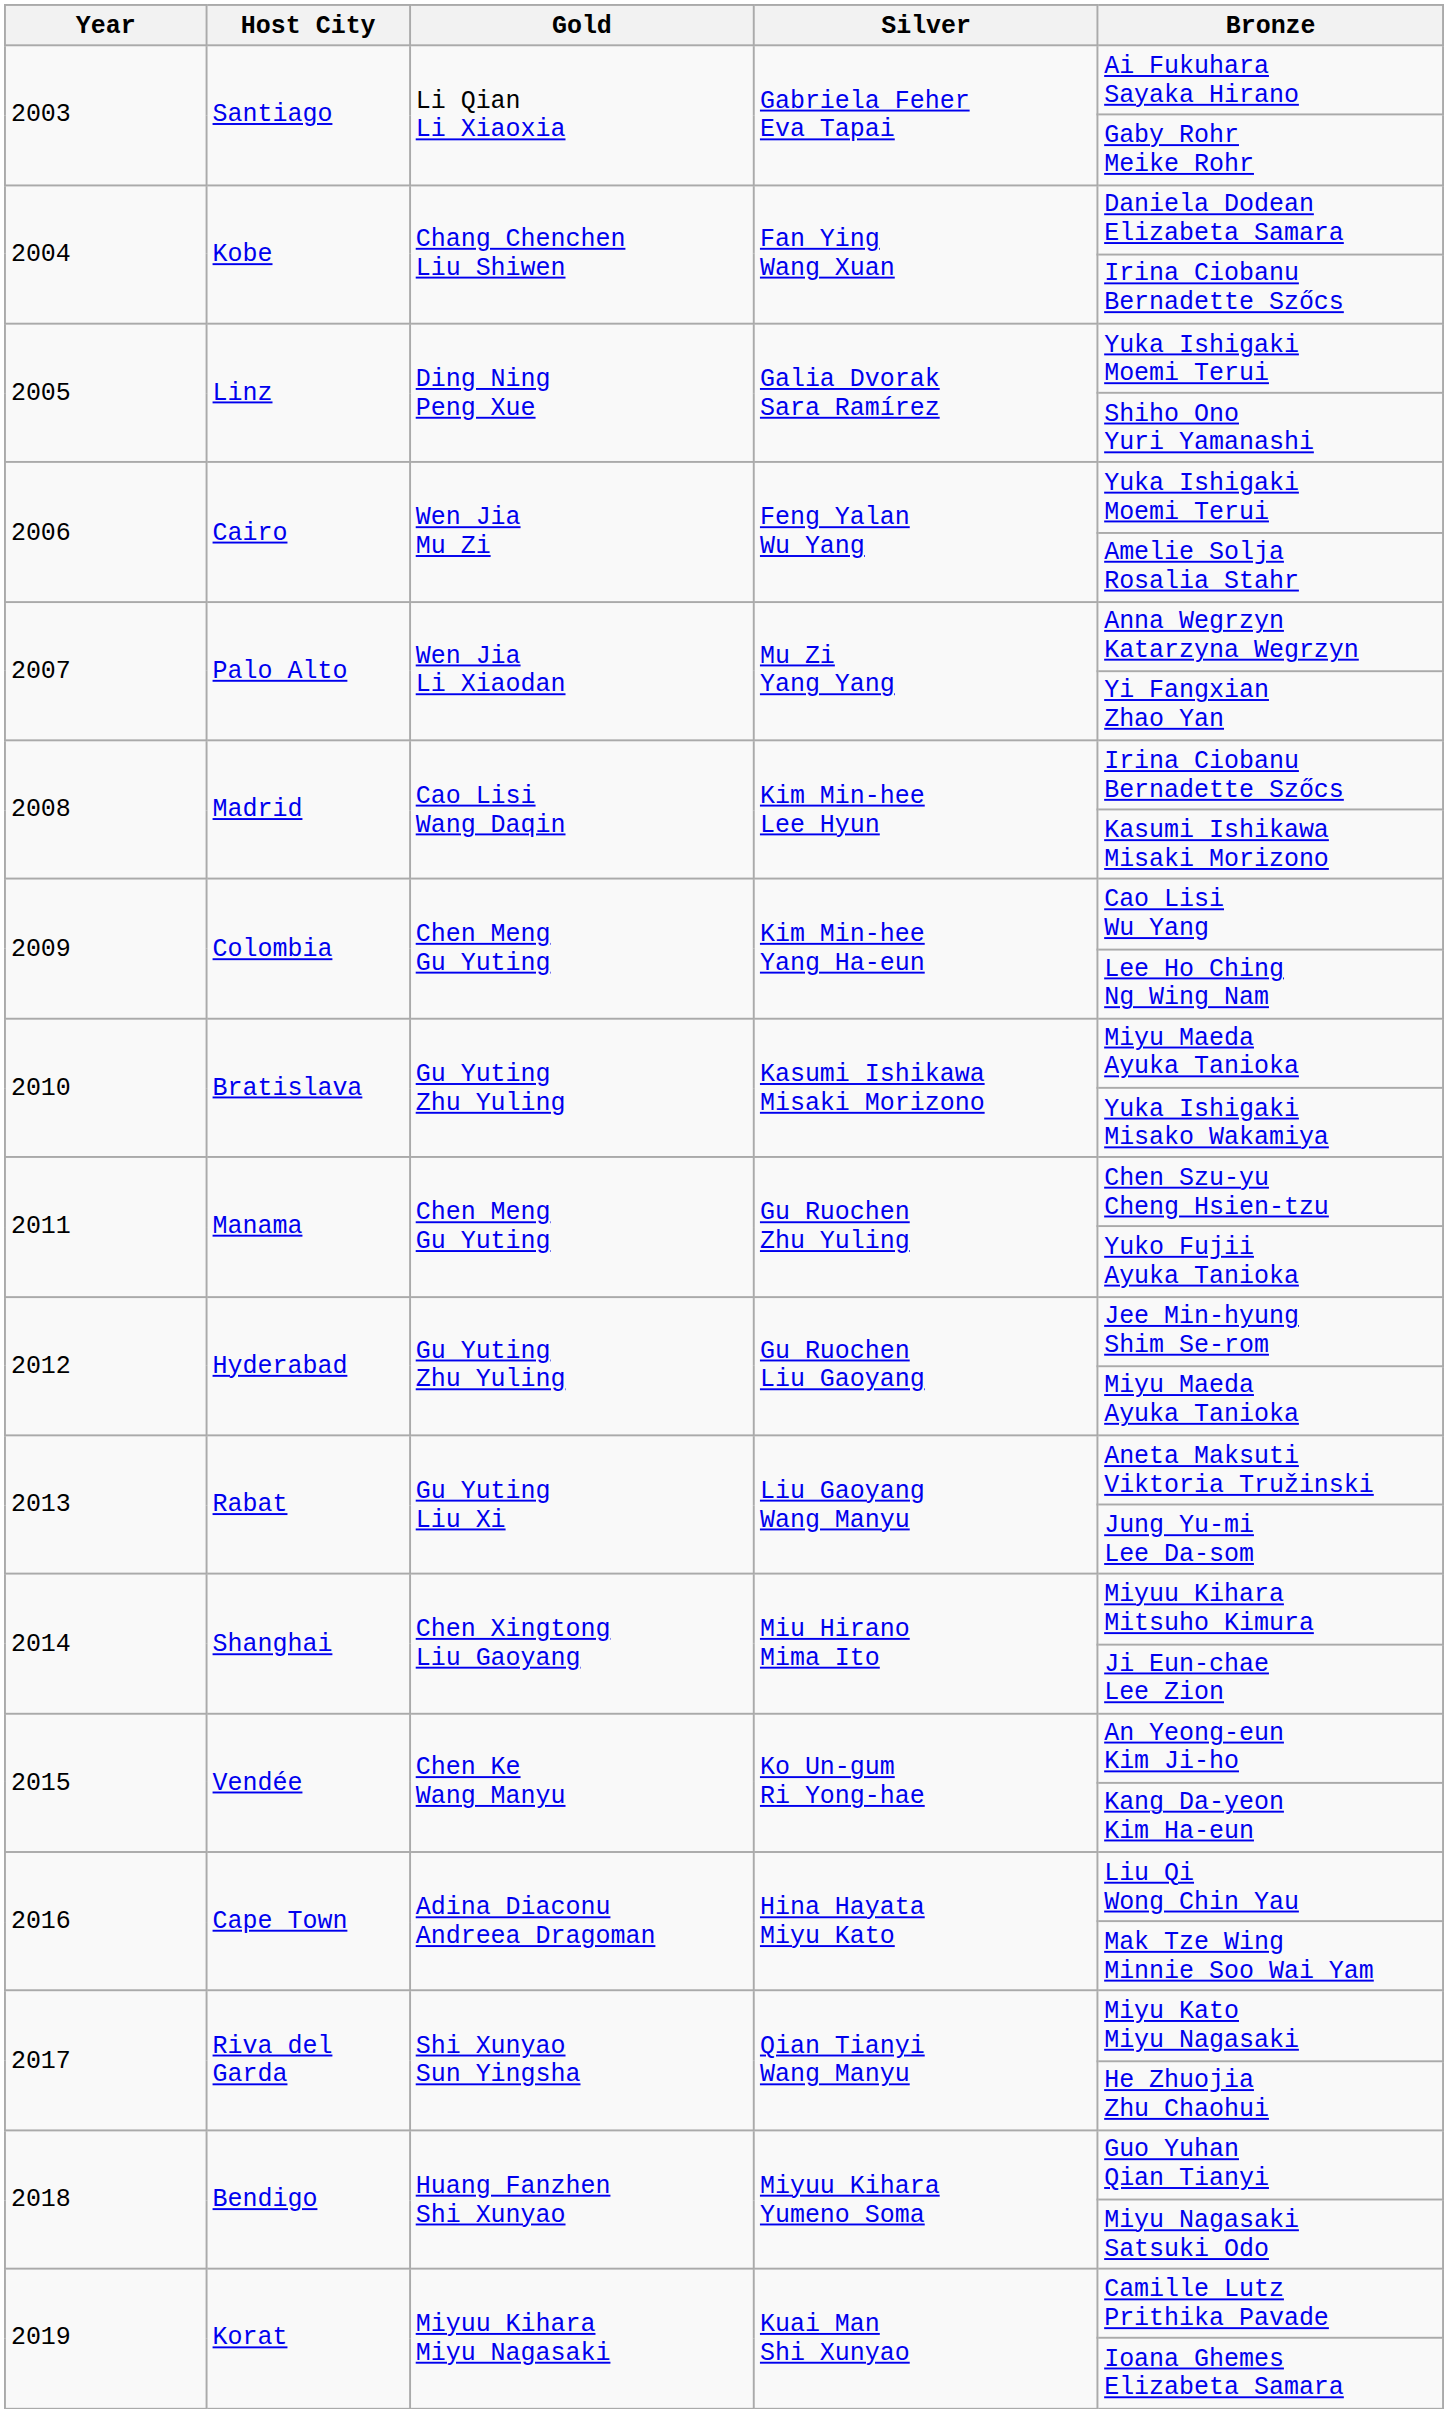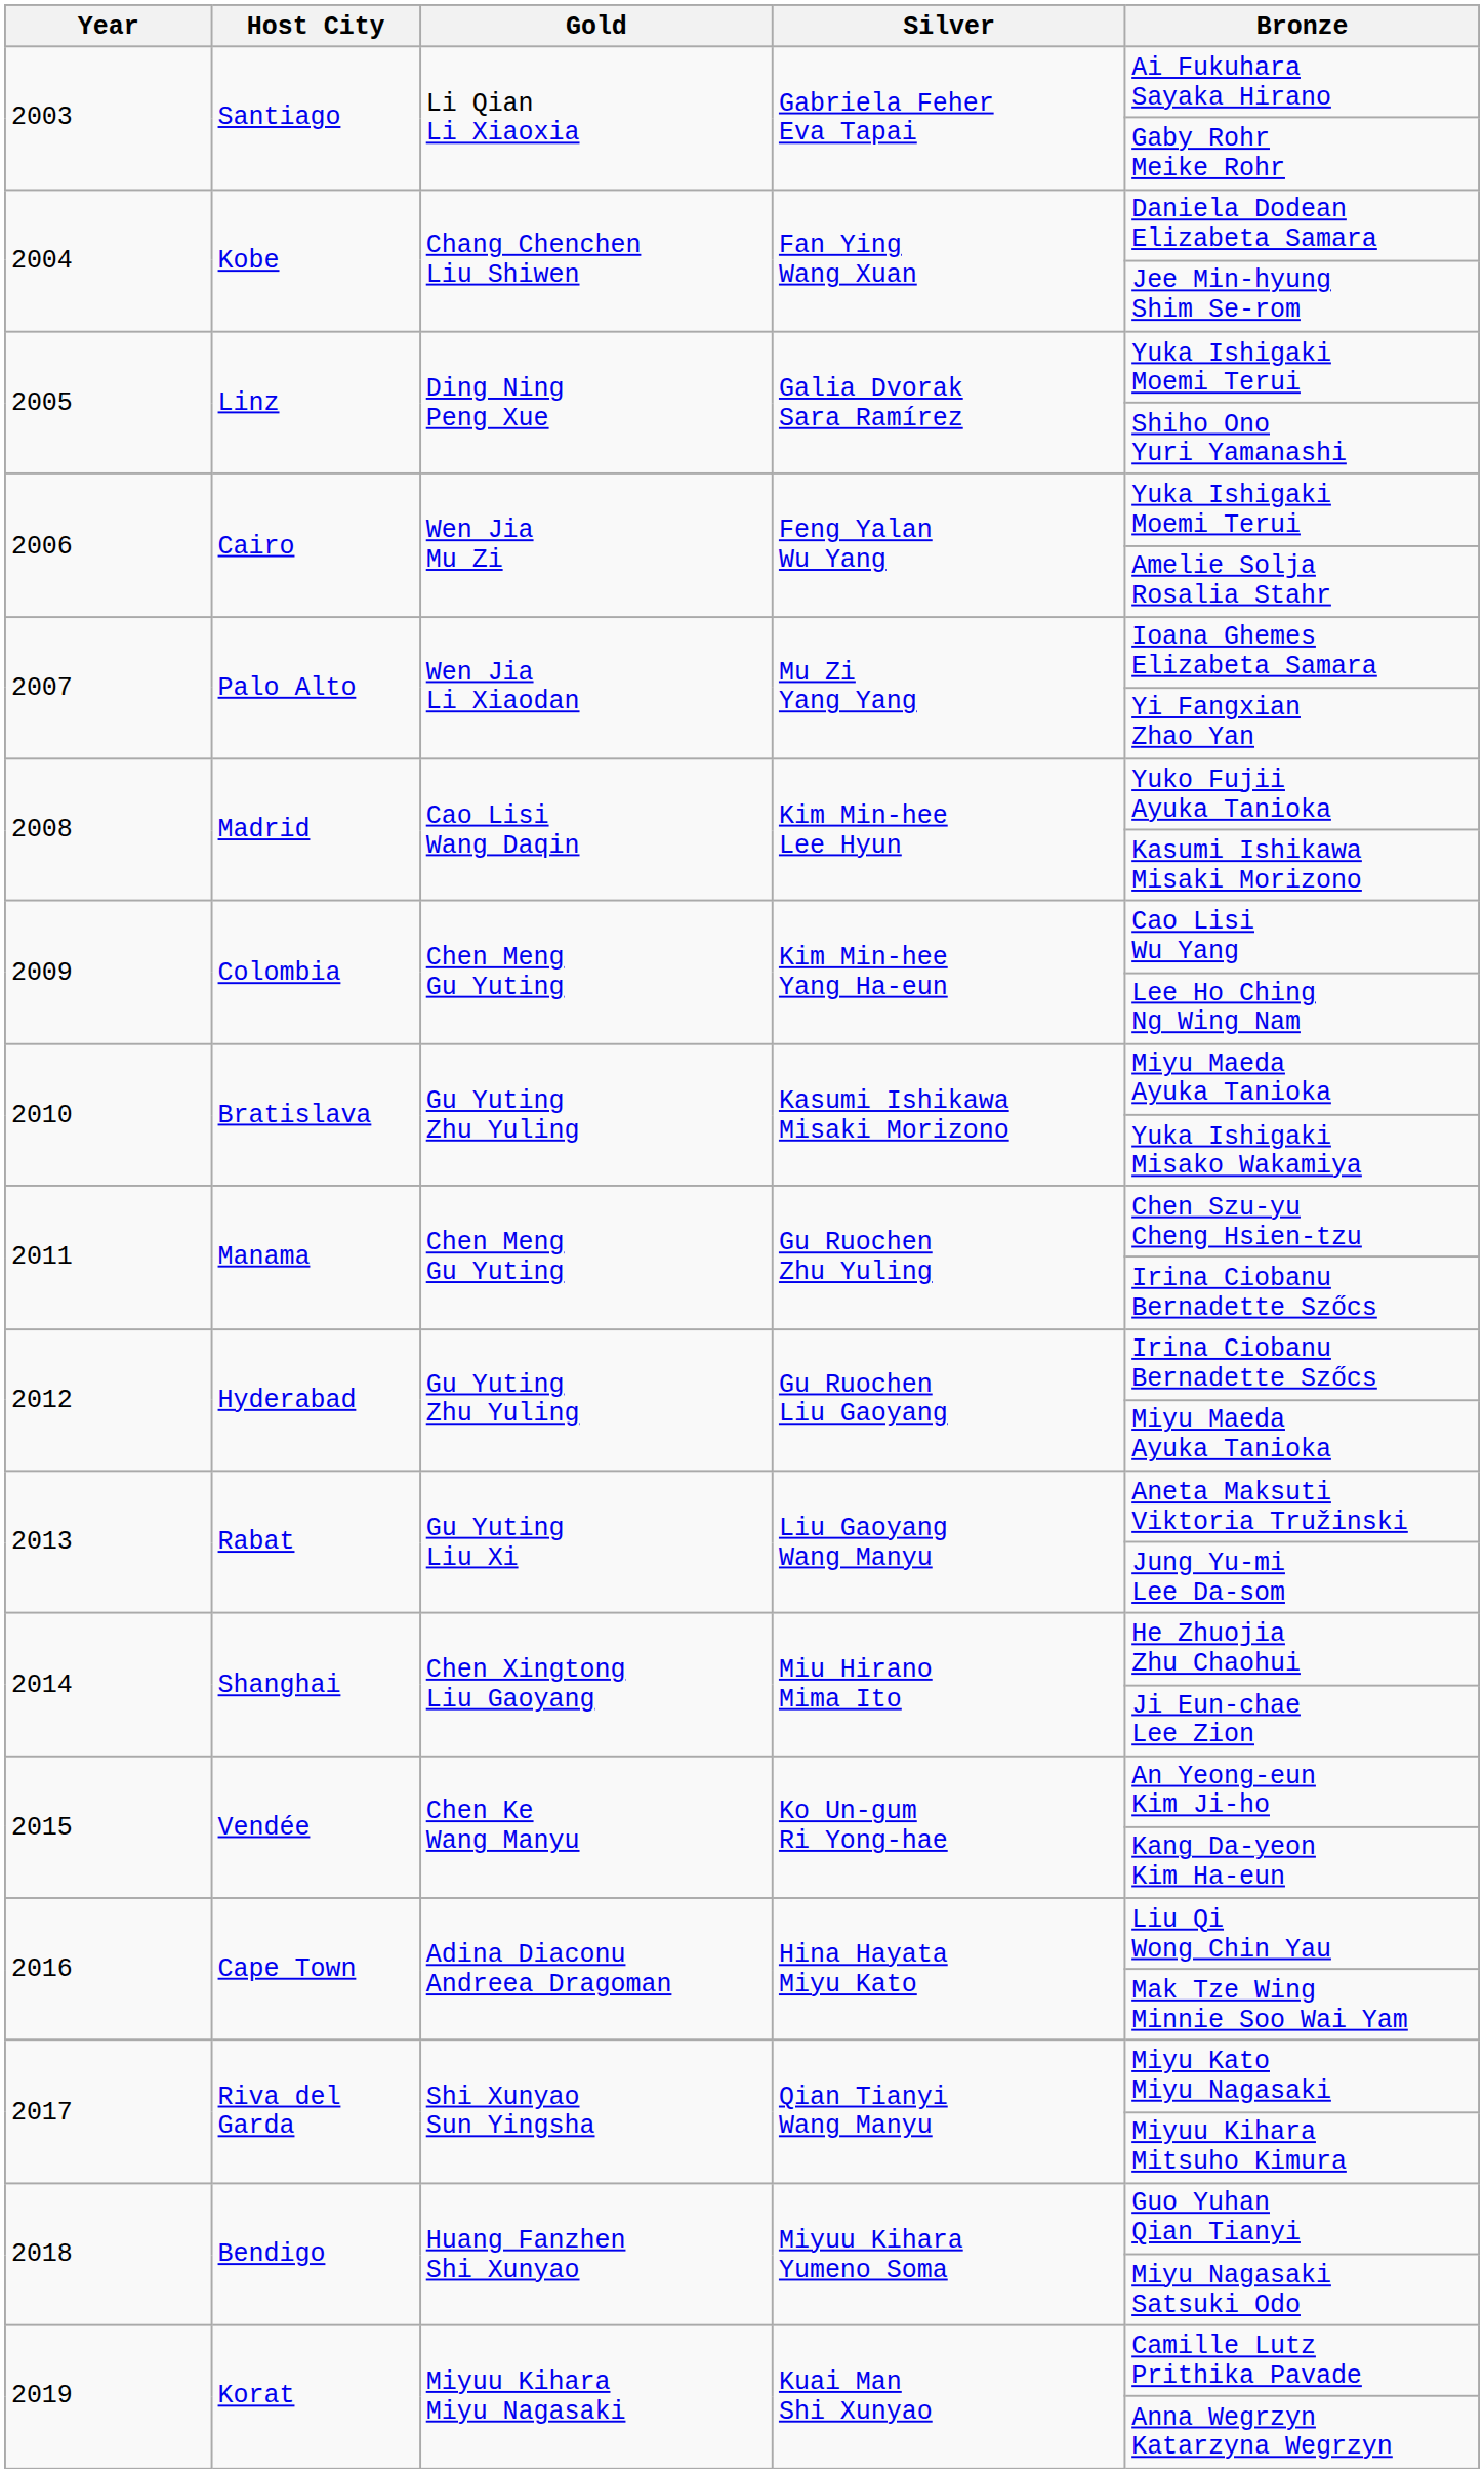 <table class="wikitable" style="text-align: left; width: 750px;">
 <tr>
 <th width="100">Year</th>
 <th width="100">Host City</th>
 <th width="175">Gold</th>
 <th width="175">Silver</th>
 <th width="175">Bronze</th>
 </tr>
 <tr>
 <td rowspan=2>2003</td>
 <td rowspan=2><a href='#'>Santiago</a></td>
 <td rowspan=2> Li Qian<br> <a href='#'>Li Xiaoxia</a></td>
 <td rowspan=2> <a href='#'>Gabriela Feher</a><br> <a href='#'>Eva Tapai</a></td>
 <td> <a href='#'>Ai Fukuhara</a><br> <a href='#'>Sayaka Hirano</a></td>
 </tr>
 <tr>
 <td> <a href='#'>Gaby Rohr</a><br> <a href='#'>Meike Rohr</a></td>
 </tr>
 <tr>
 <td rowspan=2>2004</td>
 <td rowspan=2><a href='#'>Kobe</a></td>
 <td rowspan=2> <a href='#'>Chang Chenchen</a><br> <a href='#'>Liu Shiwen</a></td>
 <td rowspan=2> <a href='#'>Fan Ying</a><br> <a href='#'>Wang Xuan</a></td>
 <td> <a href='#'>Daniela Dodean</a><br> <a href='#'>Elizabeta Samara</a></td>
 </tr>
 <tr>
-<td> <a href='#'>Irina Ciobanu</a><br> <a href='#'>Bernadette Szőcs</a></td>
+<td> <a href='#'>Jee Min-hyung</a><br> <a href='#'>Shim Se-rom</a></td>
 </tr>
 <tr>
 <td rowspan=2>2005</td>
 <td rowspan=2><a href='#'>Linz</a></td>
 <td rowspan=2> <a href='#'>Ding Ning</a><br> <a href='#'>Peng Xue</a></td>
 <td rowspan=2> <a href='#'>Galia Dvorak</a><br> <a href='#'>Sara Ramírez</a></td>
 <td> <a href='#'>Yuka Ishigaki</a><br> <a href='#'>Moemi Terui</a></td>
 </tr>
 <tr>
 <td> <a href='#'>Shiho Ono</a><br> <a href='#'>Yuri Yamanashi</a></td>
 </tr>
 <tr>
 <td rowspan=2>2006</td>
 <td rowspan=2><a href='#'>Cairo</a></td>
 <td rowspan=2> <a href='#'>Wen Jia</a><br> <a href='#'>Mu Zi</a></td>
 <td rowspan=2> <a href='#'>Feng Yalan</a><br> <a href='#'>Wu Yang</a></td>
 <td> <a href='#'>Yuka Ishigaki</a><br> <a href='#'>Moemi Terui</a></td>
 </tr>
 <tr>
 <td> <a href='#'>Amelie Solja</a><br> <a href='#'>Rosalia Stahr</a></td>
 </tr>
 <tr>
 <td rowspan=2>2007</td>
 <td rowspan=2><a href='#'>Palo Alto</a></td>
 <td rowspan=2> <a href='#'>Wen Jia</a><br> <a href='#'>Li Xiaodan</a></td>
 <td rowspan=2> <a href='#'>Mu Zi</a><br> <a href='#'>Yang Yang</a></td>
-<td> <a href='#'>Anna Wegrzyn</a><br> <a href='#'>Katarzyna Wegrzyn</a></td>
+<td> <a href='#'>Ioana Ghemes</a><br> <a href='#'>Elizabeta Samara</a></td>
 </tr>
 <tr>
 <td> <a href='#'>Yi Fangxian</a><br> <a href='#'>Zhao Yan</a></td>
 </tr>
 <tr>
 <td rowspan=2>2008</td>
 <td rowspan=2><a href='#'>Madrid</a></td>
 <td rowspan=2> <a href='#'>Cao Lisi</a><br> <a href='#'>Wang Daqin</a></td>
 <td rowspan=2> <a href='#'>Kim Min-hee</a><br> <a href='#'>Lee Hyun</a></td>
-<td> <a href='#'>Irina Ciobanu</a><br> <a href='#'>Bernadette Szőcs</a></td>
+<td> <a href='#'>Yuko Fujii</a><br> <a href='#'>Ayuka Tanioka</a></td>
 </tr>
 <tr>
 <td> <a href='#'>Kasumi Ishikawa</a><br> <a href='#'>Misaki Morizono</a></td>
 </tr>
 <tr>
 <td rowspan=2>2009</td>
 <td rowspan=2><a href='#'>Colombia</a></td>
 <td rowspan=2> <a href='#'>Chen Meng</a><br> <a href='#'>Gu Yuting</a></td>
 <td rowspan=2> <a href='#'>Kim Min-hee</a><br> <a href='#'>Yang Ha-eun</a></td>
 <td> <a href='#'>Cao Lisi</a><br> <a href='#'>Wu Yang</a></td>
 </tr>
 <tr>
 <td> <a href='#'>Lee Ho Ching</a><br> <a href='#'>Ng Wing Nam</a></td>
 </tr>
 <tr>
 <td rowspan=2>2010</td>
 <td rowspan=2><a href='#'>Bratislava</a></td>
 <td rowspan=2> <a href='#'>Gu Yuting</a><br> <a href='#'>Zhu Yuling</a></td>
 <td rowspan=2> <a href='#'>Kasumi Ishikawa</a><br> <a href='#'>Misaki Morizono</a></td>
 <td> <a href='#'>Miyu Maeda</a><br> <a href='#'>Ayuka Tanioka</a></td>
 </tr>
 <tr>
 <td> <a href='#'>Yuka Ishigaki</a><br> <a href='#'>Misako Wakamiya</a></td>
 </tr>
 <tr>
 <td rowspan=2>2011</td>
 <td rowspan=2><a href='#'>Manama</a></td>
 <td rowspan=2> <a href='#'>Chen Meng</a><br> <a href='#'>Gu Yuting</a></td>
 <td rowspan=2> <a href='#'>Gu Ruochen</a><br> <a href='#'>Zhu Yuling</a></td>
 <td> <a href='#'>Chen Szu-yu</a><br> <a href='#'>Cheng Hsien-tzu</a></td>
 </tr>
 <tr>
-<td> <a href='#'>Yuko Fujii</a><br> <a href='#'>Ayuka Tanioka</a></td>
+<td> <a href='#'>Irina Ciobanu</a><br> <a href='#'>Bernadette Szőcs</a></td>
 </tr>
 <tr>
 <td rowspan=2>2012</td>
 <td rowspan=2><a href='#'>Hyderabad</a></td>
 <td rowspan=2> <a href='#'>Gu Yuting</a><br> <a href='#'>Zhu Yuling</a></td>
 <td rowspan=2> <a href='#'>Gu Ruochen</a><br> <a href='#'>Liu Gaoyang</a></td>
-<td> <a href='#'>Jee Min-hyung</a><br> <a href='#'>Shim Se-rom</a></td>
+<td> <a href='#'>Irina Ciobanu</a><br> <a href='#'>Bernadette Szőcs</a></td>
 </tr>
 <tr>
 <td> <a href='#'>Miyu Maeda</a><br> <a href='#'>Ayuka Tanioka</a></td>
 </tr>
 <tr>
 <td rowspan=2>2013</td>
 <td rowspan=2><a href='#'>Rabat</a></td>
 <td rowspan=2> <a href='#'>Gu Yuting</a><br> <a href='#'>Liu Xi</a></td>
 <td rowspan=2> <a href='#'>Liu Gaoyang</a><br> <a href='#'>Wang Manyu</a></td>
 <td> <a href='#'>Aneta Maksuti</a><br> <a href='#'>Viktoria Tružinski</a></td>
 </tr>
 <tr>
 <td> <a href='#'>Jung Yu-mi</a><br> <a href='#'>Lee Da-som</a></td>
 </tr>
 <tr>
 <td rowspan=2>2014</td>
 <td rowspan=2><a href='#'>Shanghai</a></td>
 <td rowspan=2> <a href='#'>Chen Xingtong</a><br> <a href='#'>Liu Gaoyang</a></td>
 <td rowspan=2> <a href='#'>Miu Hirano</a><br> <a href='#'>Mima Ito</a></td>
-<td> <a href='#'>Miyuu Kihara</a><br> <a href='#'>Mitsuho Kimura</a></td>
+<td> <a href='#'>He Zhuojia</a><br> <a href='#'>Zhu Chaohui</a></td>
 </tr>
 <tr>
 <td> <a href='#'>Ji Eun-chae</a><br> <a href='#'>Lee Zion</a></td>
 </tr>
 <tr>
 <td rowspan=2>2015</td>
 <td rowspan=2><a href='#'>Vendée</a></td>
 <td rowspan=2> <a href='#'>Chen Ke</a><br> <a href='#'>Wang Manyu</a></td>
 <td rowspan=2> <a href='#'>Ko Un-gum</a><br> <a href='#'>Ri Yong-hae</a></td>
 <td> <a href='#'>An Yeong-eun</a><br> <a href='#'>Kim Ji-ho</a></td>
 </tr>
 <tr>
 <td> <a href='#'>Kang Da-yeon</a><br> <a href='#'>Kim Ha-eun</a></td>
 </tr>
 <tr>
 <td rowspan=2>2016</td>
 <td rowspan=2><a href='#'>Cape Town</a></td>
 <td rowspan=2> <a href='#'>Adina Diaconu</a><br> <a href='#'>Andreea Dragoman</a></td>
 <td rowspan=2> <a href='#'>Hina Hayata</a><br> <a href='#'>Miyu Kato</a></td>
 <td> <a href='#'>Liu Qi</a><br> <a href='#'>Wong Chin Yau</a></td>
 </tr>
 <tr>
 <td> <a href='#'>Mak Tze Wing</a><br> <a href='#'>Minnie Soo Wai Yam</a></td>
 </tr>
 <tr>
 <td rowspan=2>2017</td>
 <td rowspan=2><a href='#'>Riva del Garda</a></td>
 <td rowspan=2> <a href='#'>Shi Xunyao</a><br> <a href='#'>Sun Yingsha</a></td>
 <td rowspan=2> <a href='#'>Qian Tianyi</a><br> <a href='#'>Wang Manyu</a></td>
 <td> <a href='#'>Miyu Kato</a><br> <a href='#'>Miyu Nagasaki</a></td>
 </tr>
 <tr>
-<td> <a href='#'>He Zhuojia</a><br> <a href='#'>Zhu Chaohui</a></td>
+<td> <a href='#'>Miyuu Kihara</a><br> <a href='#'>Mitsuho Kimura</a></td>
 </tr>
 <tr>
 <td rowspan=2>2018</td>
 <td rowspan=2><a href='#'>Bendigo</a></td>
 <td rowspan=2> <a href='#'>Huang Fanzhen</a><br> <a href='#'>Shi Xunyao</a></td>
 <td rowspan=2> <a href='#'>Miyuu Kihara</a><br> <a href='#'>Yumeno Soma</a></td>
 <td> <a href='#'>Guo Yuhan</a><br> <a href='#'>Qian Tianyi</a></td>
 </tr>
 <tr>
 <td> <a href='#'>Miyu Nagasaki</a><br> <a href='#'>Satsuki Odo</a></td>
 </tr>
 <tr>
 <td rowspan=2>2019</td>
 <td rowspan=2><a href='#'>Korat</a></td>
 <td rowspan=2> <a href='#'>Miyuu Kihara</a><br> <a href='#'>Miyu Nagasaki</a></td>
 <td rowspan=2> <a href='#'>Kuai Man</a><br> <a href='#'>Shi Xunyao</a></td>
 <td> <a href='#'>Camille Lutz</a><br> <a href='#'>Prithika Pavade</a></td>
 </tr>
 <tr>
-<td> <a href='#'>Ioana Ghemes</a><br> <a href='#'>Elizabeta Samara</a></td>
+<td> <a href='#'>Anna Wegrzyn</a><br> <a href='#'>Katarzyna Wegrzyn</a></td>
 </tr>
 </table>
